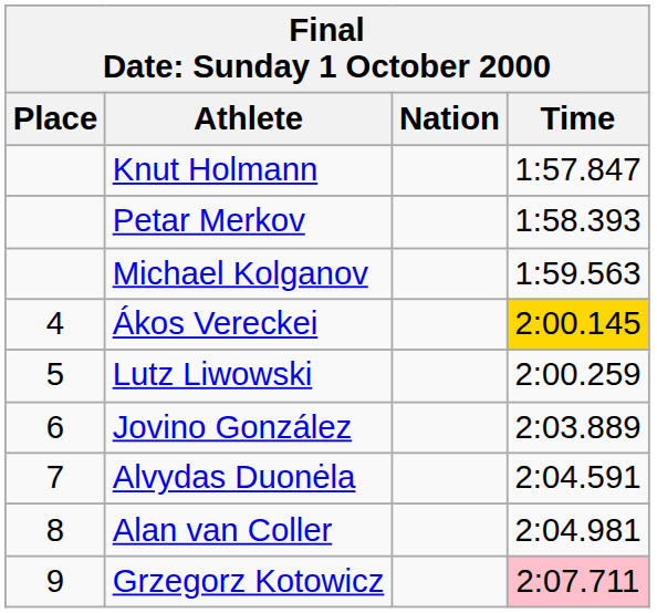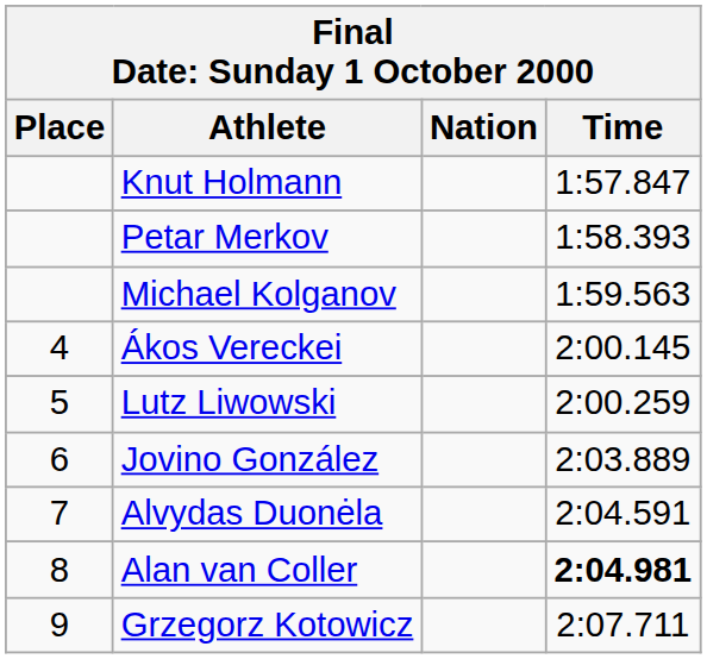 <table class="wikitable sortable">
 <tr>
 <th colspan=4>Final <br> Date: Sunday 1 October 2000</th>
 </tr>
 <tr>
 <th>Place</th>
 <th>Athlete</th>
 <th>Nation</th>
 <th>Time</th>
 </tr>
 <tr>
 <td align="center"></td>
 <td align="left"><a href='#'>Knut Holmann</a></td>
 <td align="left"></td>
 <td align="center">1:57.847</td>
 </tr>
 <tr>
 <td align="center"></td>
 <td align="left"><a href='#'>Petar Merkov</a></td>
 <td align="left"></td>
 <td align="center">1:58.393</td>
 </tr>
 <tr>
 <td align="center"></td>
 <td align="left"><a href='#'>Michael Kolganov</a></td>
 <td align="left"></td>
 <td align="center">1:59.563</td>
 </tr>
 <tr>
 <td align="center">4</td>
 <td align="left"><a href='#'>Ákos Vereckei</a></td>
 <td align="left"></td>
-<td align="center" style="background: gold;">2:00.145</td>
+<td align="center">2:00.145</td>
 </tr>
 <tr>
 <td align="center">5</td>
 <td align="left"><a href='#'>Lutz Liwowski</a></td>
 <td align="left"></td>
 <td align="center">2:00.259</td>
 </tr>
 <tr>
 <td align="center">6</td>
 <td align="left"><a href='#'>Jovino González</a></td>
 <td align="left"></td>
 <td align="center">2:03.889</td>
 </tr>
 <tr>
 <td align="center">7</td>
 <td align="left"><a href='#'>Alvydas Duonėla</a></td>
 <td align="left"></td>
 <td align="center">2:04.591</td>
 </tr>
 <tr>
 <td align="center">8</td>
 <td align="left"><a href='#'>Alan van Coller</a></td>
 <td align="left"></td>
-<td align="center">2:04.981</td>
+<td align="center"><strong>2:04.981</strong></td>
 </tr>
 <tr>
 <td align="center">9</td>
 <td align="left"><a href='#'>Grzegorz Kotowicz</a></td>
 <td align="left"></td>
-<td align="center" style="background: pink;">2:07.711</td>
+<td align="center">2:07.711</td>
 </tr>
 </table>
